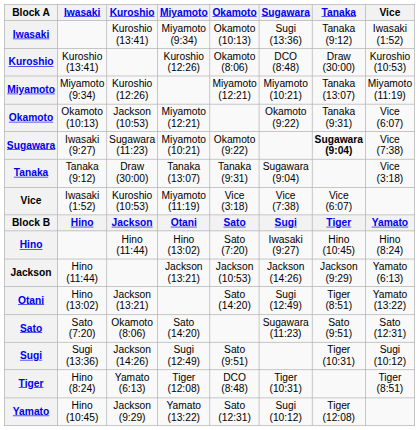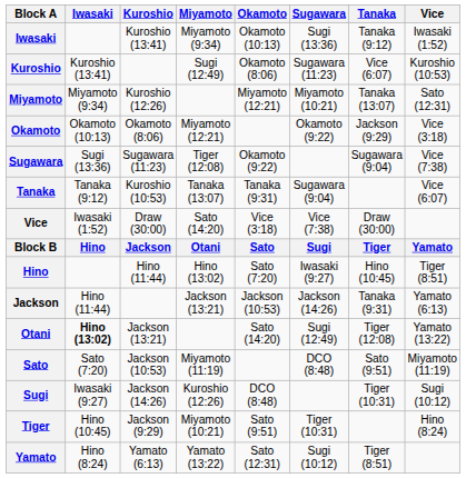 <table class="wikitable" style="margin: 1em auto 1em auto">
 <tr align="center">
 <th>Block A</th>
 <th><a href='#'>Iwasaki</a></th>
 <th><a href='#'>Kuroshio</a></th>
 <th><a href='#'>Miyamoto</a></th>
 <th><a href='#'>Okamoto</a></th>
 <th><a href='#'>Sugawara</a></th>
 <th><a href='#'>Tanaka</a></th>
 <th>Vice</th>
 </tr>
 <tr align="center">
 <th><a href='#'>Iwasaki</a></th>
 <td></td>
 <td>Kuroshio<br>(13:41)</td>
 <td>Miyamoto<br>(9:34)</td>
 <td>Okamoto<br>(10:13)</td>
 <td>Sugi<br>(13:36)</td>
 <td>Tanaka<br>(9:12)</td>
 <td>Iwasaki<br>(1:52)</td>
 </tr>
 <tr align="center">
 <th><a href='#'>Kuroshio</a></th>
 <td>Kuroshio<br>(13:41)</td>
 <td></td>
-<td>Kuroshio<br>(12:26)</td>
+<td>Sugi<br>(12:49)</td>
 <td>Okamoto<br>(8:06)</td>
-<td>DCO<br>(8:48)</td>
-<td>Draw<br>(30:00)</td>
+<td>Sugawara<br>(11:23)</td>
+<td>Vice<br>(6:07)</td>
 <td>Kuroshio<br>(10:53)</td>
 </tr>
 <tr align="center">
 <th><a href='#'>Miyamoto</a></th>
 <td>Miyamoto<br>(9:34)</td>
 <td>Kuroshio<br>(12:26)</td>
 <td></td>
 <td>Miyamoto<br>(12:21)</td>
 <td>Miyamoto<br>(10:21)</td>
 <td>Tanaka<br>(13:07)</td>
-<td>Miyamoto<br>(11:19)</td>
+<td>Sato<br>(12:31)</td>
 </tr>
 <tr align="center">
 <th><a href='#'>Okamoto</a></th>
 <td>Okamoto<br>(10:13)</td>
-<td>Jackson<br>(10:53)</td>
+<td>Okamoto<br>(8:06)</td>
 <td>Miyamoto<br>(12:21)</td>
 <td></td>
 <td>Okamoto<br>(9:22)</td>
-<td>Tanaka<br>(9:31)</td>
-<td>Vice<br>(6:07)</td>
+<td>Jackson<br>(9:29)</td>
+<td>Vice<br>(3:18)</td>
 </tr>
 <tr align="center">
 <th><a href='#'>Sugawara</a></th>
-<td>Iwasaki<br>(9:27)</td>
+<td>Sugi<br>(13:36)</td>
 <td>Sugawara<br>(11:23)</td>
-<td>Miyamoto<br>(10:21)</td>
+<td>Tiger<br>(12:08)</td>
 <td>Okamoto<br>(9:22)</td>
 <td></td>
-<td><strong>Sugawara<br>(9:04)</strong></td>
+<td>Sugawara<br>(9:04)</td>
 <td>Vice<br>(7:38)</td>
 </tr>
 <tr align="center">
 <th><a href='#'>Tanaka</a></th>
 <td>Tanaka<br>(9:12)</td>
-<td>Draw<br>(30:00)</td>
+<td>Kuroshio<br>(10:53)</td>
 <td>Tanaka<br>(13:07)</td>
 <td>Tanaka<br>(9:31)</td>
 <td>Sugawara<br>(9:04)</td>
 <td></td>
-<td>Vice<br>(3:18)</td>
+<td>Vice<br>(6:07)</td>
 </tr>
 <tr align="center">
 <th>Vice</th>
 <td>Iwasaki<br>(1:52)</td>
-<td>Kuroshio<br>(10:53)</td>
-<td>Miyamoto<br>(11:19)</td>
+<td>Draw<br>(30:00)</td>
+<td>Sato<br>(14:20)</td>
 <td>Vice<br>(3:18)</td>
 <td>Vice<br>(7:38)</td>
-<td>Vice<br>(6:07)</td>
+<td>Draw<br>(30:00)</td>
 <td></td>
 </tr>
 <tr align="center">
 <th>Block B</th>
 <th><a href='#'>Hino</a></th>
 <th><a href='#'>Jackson</a></th>
 <th><a href='#'>Otani</a></th>
 <th><a href='#'>Sato</a></th>
 <th><a href='#'>Sugi</a></th>
 <th><a href='#'>Tiger</a></th>
 <th><a href='#'>Yamato</a></th>
 </tr>
 <tr align="center">
 <th><a href='#'>Hino</a></th>
 <td></td>
 <td>Hino<br>(11:44)</td>
 <td>Hino<br>(13:02)</td>
 <td>Sato<br>(7:20)</td>
 <td>Iwasaki<br>(9:27)</td>
 <td>Hino<br>(10:45)</td>
-<td>Hino<br>(8:24)</td>
+<td>Tiger<br>(8:51)</td>
 </tr>
 <tr align="center">
 <th>Jackson</th>
 <td>Hino<br>(11:44)</td>
 <td></td>
 <td>Jackson<br>(13:21)</td>
 <td>Jackson<br>(10:53)</td>
 <td>Jackson<br>(14:26)</td>
-<td>Jackson<br>(9:29)</td>
+<td>Tanaka<br>(9:31)</td>
 <td>Yamato<br>(6:13)</td>
 </tr>
 <tr align="center">
 <th><a href='#'>Otani</a></th>
-<td>Hino<br>(13:02)</td>
+<td><strong>Hino<br>(13:02)</strong></td>
 <td>Jackson<br>(13:21)</td>
 <td></td>
 <td>Sato<br>(14:20)</td>
 <td>Sugi<br>(12:49)</td>
-<td>Tiger<br>(8:51)</td>
+<td>Tiger<br>(12:08)</td>
 <td>Yamato<br>(13:22)</td>
 </tr>
 <tr align="center">
 <th><a href='#'>Sato</a></th>
 <td>Sato<br>(7:20)</td>
-<td>Okamoto<br>(8:06)</td>
-<td>Sato<br>(14:20)</td>
+<td>Jackson<br>(10:53)</td>
+<td>Miyamoto<br>(11:19)</td>
 <td></td>
-<td>Sugawara<br>(11:23)</td>
+<td>DCO<br>(8:48)</td>
 <td>Sato<br>(9:51)</td>
-<td>Sato<br>(12:31)</td>
+<td>Miyamoto<br>(11:19)</td>
 </tr>
 <tr align="center">
 <th><a href='#'>Sugi</a></th>
-<td>Sugi<br>(13:36)</td>
+<td>Iwasaki<br>(9:27)</td>
 <td>Jackson<br>(14:26)</td>
-<td>Sugi<br>(12:49)</td>
-<td>Sato<br>(9:51)</td>
+<td>Kuroshio<br>(12:26)</td>
+<td>DCO<br>(8:48)</td>
 <td></td>
 <td>Tiger<br>(10:31)</td>
 <td>Sugi<br>(10:12)</td>
 </tr>
 <tr align="center">
 <th><a href='#'>Tiger</a></th>
-<td>Hino<br>(8:24)</td>
-<td>Yamato<br>(6:13)</td>
-<td>Tiger<br>(12:08)</td>
-<td>DCO<br>(8:48)</td>
+<td>Hino<br>(10:45)</td>
+<td>Jackson<br>(9:29)</td>
+<td>Miyamoto<br>(10:21)</td>
+<td>Sato<br>(9:51)</td>
 <td>Tiger<br>(10:31)</td>
 <td></td>
-<td>Tiger<br>(8:51)</td>
+<td>Hino<br>(8:24)</td>
 </tr>
 <tr align="center">
 <th><a href='#'>Yamato</a></th>
-<td>Hino<br>(10:45)</td>
-<td>Jackson<br>(9:29)</td>
+<td>Hino<br>(8:24)</td>
+<td>Yamato<br>(6:13)</td>
 <td>Yamato<br>(13:22)</td>
 <td>Sato<br>(12:31)</td>
 <td>Sugi<br>(10:12)</td>
-<td>Tiger<br>(12:08)</td>
+<td>Tiger<br>(8:51)</td>
 <td></td>
 </tr>
 </table>
